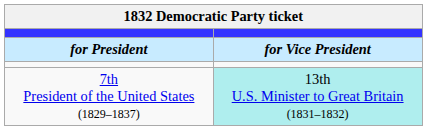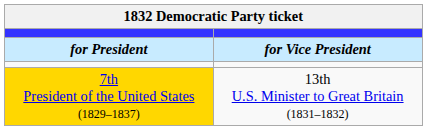 <table class="wikitable" style="font-size:90%; text-align:center;">
 <tr>
 <td style="background:#f1f1f1;" colspan="30"><strong>1832 Democratic Party ticket</strong></td>
 </tr>
 <tr>
 <th style="width:3em; font-size:135%; background:#3333FF; width:200px;"><a href='#'></a></th>
 <th style="width:3em; font-size:135%; background:#3333FF; width:200px;"><a href='#'></a></th>
 </tr>
 <tr>
 <td style="width:3em; font-size:100%; color:#000; background:#C8EBFF; width:200px;"><strong><em>for President</em></strong></td>
 <td style="width:3em; font-size:100%; color:#000; background:#C8EBFF; width:200px;"><strong><em>for Vice President</em></strong></td>
 </tr>
 <tr>
 <td></td>
 <td></td>
 </tr>
 <tr>
-<td><a href='#'>7th</a><br><a href='#'>President of the United States</a><br><small>(1829–1837)</small></td>
-<td style="background: paleturquoise;">13th<br><a href='#'>U.S. Minister to Great Britain</a><br><small>(1831–1832)</small></td>
+<td style="background: gold;"><a href='#'>7th</a><br><a href='#'>President of the United States</a><br><small>(1829–1837)</small></td>
+<td>13th<br><a href='#'>U.S. Minister to Great Britain</a><br><small>(1831–1832)</small></td>
 </tr>
 <tr>
 </tr>
 </table>
